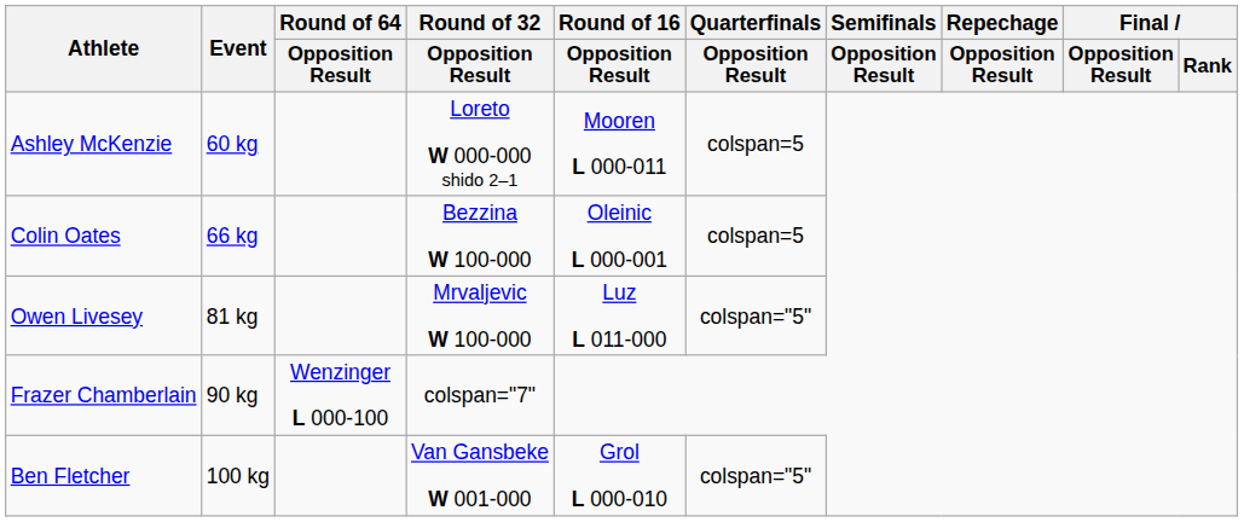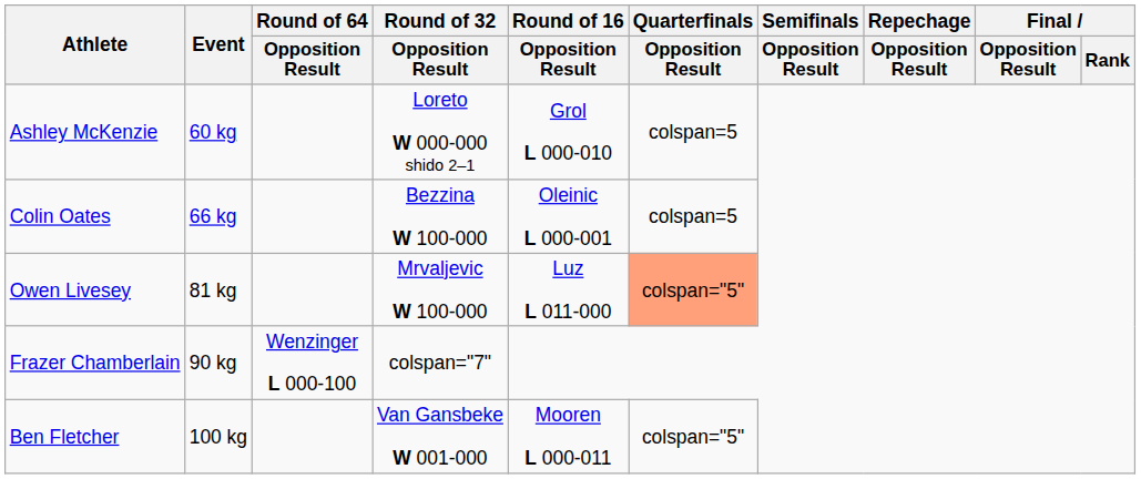 <table class="wikitable" style="font-size:90%">
 <tr>
 <th rowspan=2>Athlete</th>
 <th rowspan=2>Event</th>
 <th>Round of 64</th>
 <th>Round of 32</th>
 <th>Round of 16</th>
 <th>Quarterfinals</th>
 <th>Semifinals</th>
 <th>Repechage</th>
 <th colspan=2>Final / </th>
 </tr>
 <tr style="font-size:95%">
 <th>Opposition<br>Result</th>
 <th>Opposition<br>Result</th>
 <th>Opposition<br>Result</th>
 <th>Opposition<br>Result</th>
 <th>Opposition<br>Result</th>
 <th>Opposition<br>Result</th>
 <th>Opposition<br>Result</th>
 <th>Rank</th>
 </tr>
 <tr align=center>
 <td align=left><a href='#'>Ashley McKenzie</a></td>
 <td align=left><a href='#'>60 kg</a></td>
 <td></td>
 <td><a href='#'>Loreto</a><br><br> <strong>W</strong> 000-000<br> <small>shido 2–1</small></td>
-<td><a href='#'>Mooren</a><br><br> <strong>L</strong> 000-011</td>
+<td><a href='#'>Grol</a><br><br> <strong>L</strong> 000-010</td>
 <td>colspan=5 </td>
 </tr>
 <tr align=center>
 <td align=left><a href='#'>Colin Oates</a></td>
 <td align=left><a href='#'>66 kg</a></td>
 <td></td>
 <td><a href='#'>Bezzina</a><br><br> <strong>W</strong> 100-000</td>
 <td><a href='#'>Oleinic</a><br><br> <strong>L</strong> 000-001</td>
 <td>colspan=5 </td>
 </tr>
 <tr align=center>
 <td align=left><a href='#'>Owen Livesey</a></td>
 <td align=left>81 kg</td>
 <td></td>
 <td><a href='#'>Mrvaljevic</a><br><br> <strong>W</strong> 100-000</td>
 <td><a href='#'>Luz</a><br><br> <strong>L</strong> 011-000</td>
-<td>colspan="5" </td>
+<td style="background: lightsalmon;">colspan="5" </td>
 </tr>
 <tr align=center>
 <td align=left><a href='#'>Frazer Chamberlain</a></td>
 <td align=left>90 kg</td>
 <td><a href='#'>Wenzinger</a><br><br> <strong>L</strong> 000-100</td>
 <td>colspan="7" </td>
 </tr>
 <tr align=center>
 <td align=left><a href='#'>Ben Fletcher</a></td>
 <td align=left>100 kg</td>
 <td></td>
 <td><a href='#'>Van Gansbeke</a><br><br> <strong>W</strong> 001-000</td>
-<td><a href='#'>Grol</a><br><br> <strong>L</strong> 000-010</td>
+<td><a href='#'>Mooren</a><br><br> <strong>L</strong> 000-011</td>
 <td>colspan="5" </td>
 </tr>
 </table>
